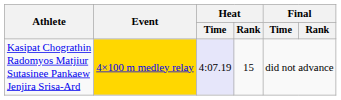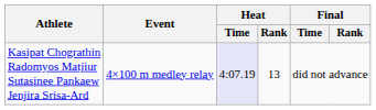 <table class=wikitable style="font-size:90%">
 <tr>
 <th rowspan="2">Athlete</th>
 <th rowspan="2">Event</th>
 <th colspan="2">Heat</th>
 <th colspan="2">Final</th>
 </tr>
 <tr style="font-size:95%">
 <th>Time</th>
 <th>Rank</th>
 <th>Time</th>
 <th>Rank</th>
 </tr>
 <tr align=center>
 <td align=left><a href='#'>Kasipat Chograthin</a><br><a href='#'>Radomyos Matjiur</a><br><a href='#'>Sutasinee Pankaew</a><br><a href='#'>Jenjira Srisa-Ard</a></td>
-<td align=left style="background: gold;"><a href='#'>4×100 m medley relay</a></td>
+<td align=left><a href='#'>4×100 m medley relay</a></td>
 <td style="background: lavender;">4:07.19</td>
-<td>15</td>
+<td>13</td>
 <td colspan=2>did not advance</td>
 </tr>
 </table>
